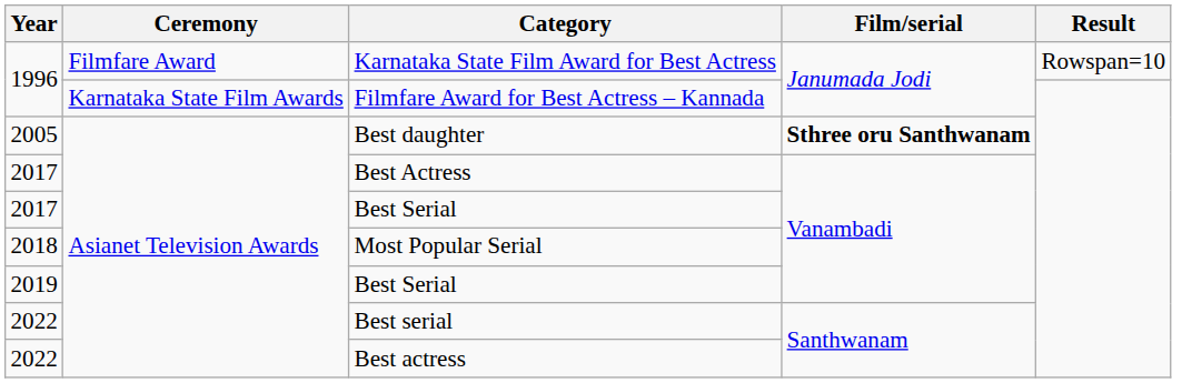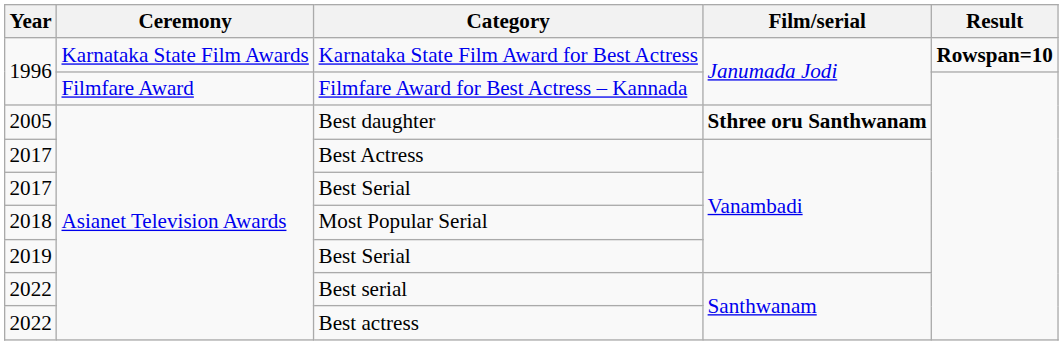 <table class="wikitable plainrowheaders">
 <tr>
 <th scope="col">Year</th>
 <th scope="col">Ceremony</th>
 <th scope="col">Category</th>
 <th scope="col">Film/serial</th>
 <th scope="col">Result</th>
 </tr>
 <tr>
 <td rowspan="2">1996</td>
-<td><a href='#'>Filmfare Award</a></td>
+<td><a href='#'>Karnataka State Film Awards</a></td>
 <td><a href='#'>Karnataka State Film Award for Best Actress</a></td>
 <td rowspan="2"><em><a href='#'>Janumada Jodi</a></em></td>
-<td>Rowspan=10 </td>
+<td><strong>Rowspan=10 </strong></td>
 </tr>
 <tr>
-<td><a href='#'>Karnataka State Film Awards</a></td>
+<td><a href='#'>Filmfare Award</a></td>
 <td><a href='#'>Filmfare Award for Best Actress – Kannada</a></td>
 </tr>
 <tr>
 <td>2005</td>
 <td Rowspan=8><a href='#'>Asianet Television Awards</a></td>
 <td>Best daughter</td>
 <td><strong>Sthree oru Santhwanam</strong></td>
 </tr>
 <tr>
 <td>2017</td>
 <td>Best Actress</td>
 <td rowspan=4><a href='#'>Vanambadi</a></td>
 </tr>
 <tr>
 <td>2017</td>
 <td>Best Serial</td>
 </tr>
 <tr>
 <td>2018</td>
 <td>Most Popular Serial</td>
 </tr>
 <tr>
 <td>2019</td>
 <td>Best Serial</td>
 </tr>
 <tr>
 <td>2022</td>
 <td>Best serial</td>
 <td rowspan=2><a href='#'>Santhwanam</a></td>
 </tr>
 <tr>
 <td>2022</td>
 <td>Best actress</td>
 </tr>
 </table>
